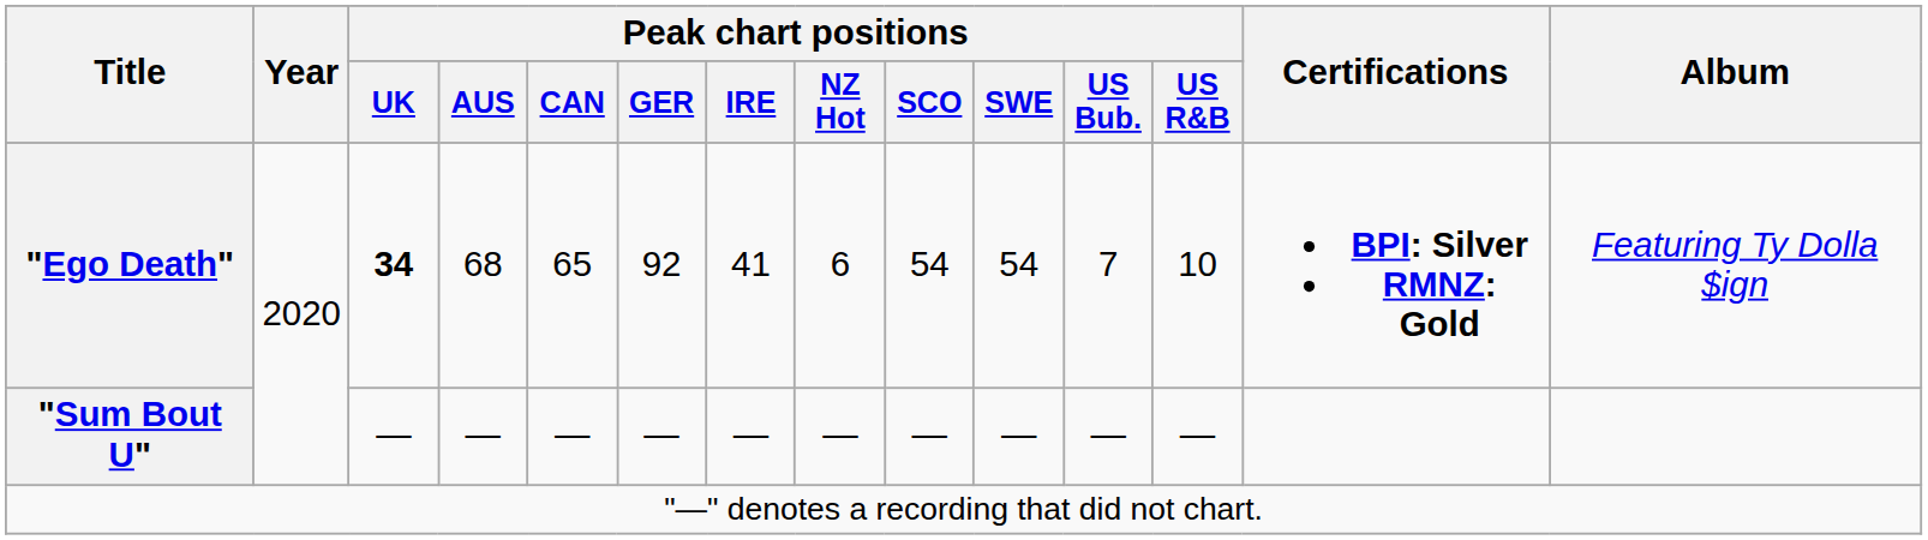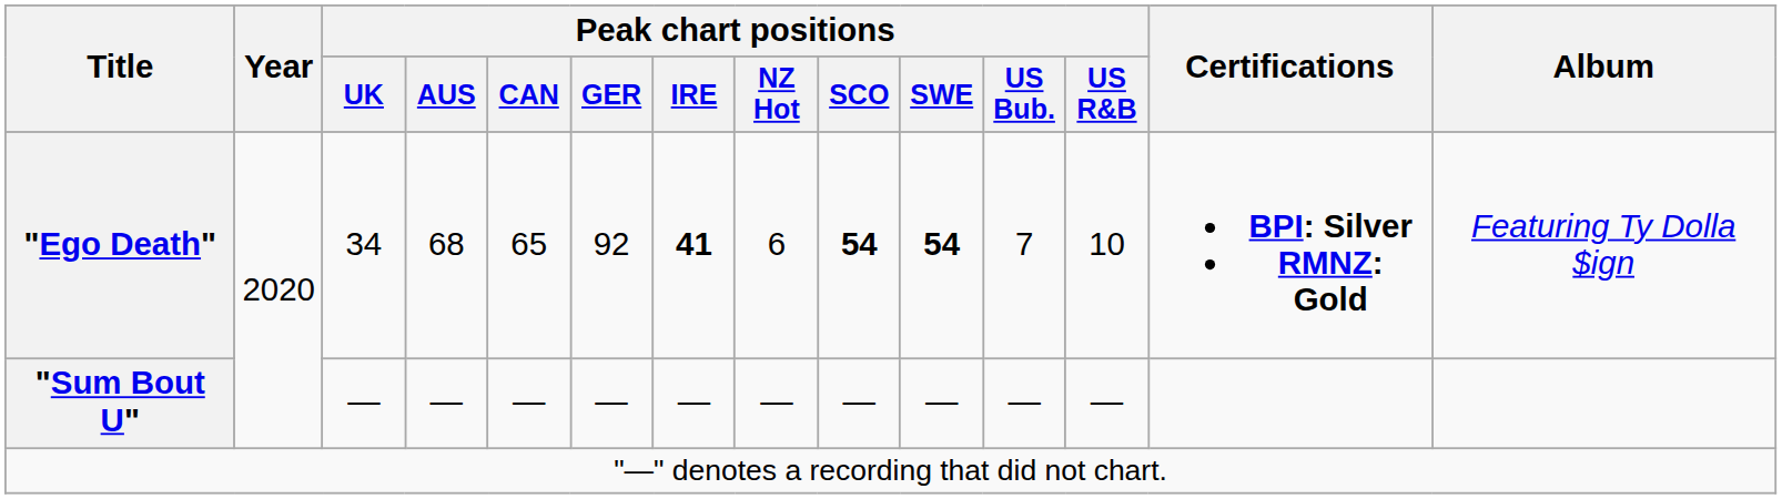 <table class="wikitable plainrowheaders" style="text-align:center;">
 <tr>
 <th scope="col" rowspan="2">Title</th>
 <th scope="col" rowspan="2">Year</th>
 <th scope="col" colspan="10">Peak chart positions</th>
 <th scope="col" rowspan="2">Certifications</th>
 <th scope="col" rowspan="2">Album</th>
 </tr>
 <tr>
 <th scope="col" style="width:2.5em;font-size:85%;"><a href='#'>UK</a><br></th>
 <th scope="col" style="width:2.5em;font-size:85%;"><a href='#'>AUS</a><br></th>
 <th scope="col" style="width:2.5em;font-size:85%;"><a href='#'>CAN</a><br></th>
 <th scope="col" style="width:2.5em;font-size:85%;"><a href='#'>GER</a><br></th>
 <th scope="col" style="width:2.5em;font-size:85%;"><a href='#'>IRE</a><br></th>
 <th scope="col" style="width:2.5em;font-size:85%;"><a href='#'>NZ<br>Hot</a><br></th>
 <th scope="col" style="width:2.5em;font-size:85%;"><a href='#'>SCO</a><br></th>
 <th scope="col" style="width:2.5em;font-size:85%;"><a href='#'>SWE</a><br></th>
 <th scope="col" style="width:2.5em;font-size:85%;"><a href='#'>US<br>Bub.</a><br></th>
 <th scope="col" style="width:2.5em;font-size:85%;"><a href='#'>US<br>R&B</a><br></th>
 </tr>
 <tr>
 <th scope="row">"<a href='#'>Ego Death</a>"<br></th>
 <td rowspan="2">2020</td>
-<td><strong>34</strong></td>
+<td>34</td>
 <td>68</td>
 <td>65</td>
 <td>92</td>
-<td>41</td>
+<td><strong>41</strong></td>
 <td>6</td>
-<td>54</td>
-<td>54</td>
+<td><strong>54</strong></td>
+<td><strong>54</strong></td>
 <td>7</td>
 <td>10</td>
 <td><strong><br><ul><li><a href='#'>BPI</a>: Silver</li><li><a href='#'>RMNZ</a>: Gold</li></ul></strong></td>
 <td><em><a href='#'>Featuring Ty Dolla $ign</a></em></td>
 </tr>
 <tr>
 <th scope="row">"<a href='#'>Sum Bout U</a>"<br></th>
 <td>—</td>
 <td>—</td>
 <td>—</td>
 <td>—</td>
 <td>—</td>
 <td>—</td>
 <td>—</td>
 <td>—</td>
 <td>—</td>
 <td>—</td>
 <td></td>
 <td></td>
 </tr>
 <tr>
 <td colspan="14" style="font-size:90%">"—" denotes a recording that did not chart.</td>
 </tr>
 </table>
